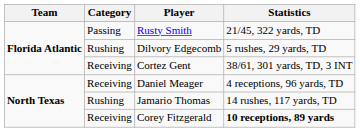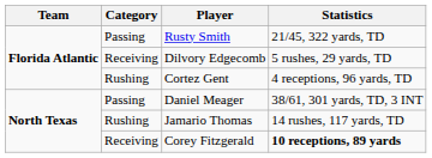 <table class="wikitable" style="float: left;">
 <tr>
 <th>Team</th>
 <th>Category</th>
 <th>Player</th>
 <th>Statistics</th>
 </tr>
 <tr>
 <td rowspan=3><strong>Florida Atlantic</strong></td>
 <td>Passing</td>
 <td><a href='#'>Rusty Smith</a></td>
 <td>21/45, 322 yards, TD</td>
 </tr>
 <tr>
-<td>Rushing</td>
+<td>Receiving</td>
 <td>Dilvory Edgecomb</td>
 <td>5 rushes, 29 yards, TD</td>
 </tr>
 <tr>
-<td>Receiving</td>
+<td>Rushing</td>
 <td>Cortez Gent</td>
-<td>38/61, 301 yards, TD, 3 INT</td>
+<td>4 receptions, 96 yards, TD</td>
 </tr>
 <tr>
 <td rowspan=3><strong>North Texas</strong></td>
-<td>Receiving</td>
+<td>Passing</td>
 <td>Daniel Meager</td>
-<td>4 receptions, 96 yards, TD</td>
+<td>38/61, 301 yards, TD, 3 INT</td>
 </tr>
 <tr>
 <td>Rushing</td>
 <td>Jamario Thomas</td>
 <td>14 rushes, 117 yards, TD</td>
 </tr>
 <tr>
 <td>Receiving</td>
 <td>Corey Fitzgerald</td>
 <td><strong>10 receptions, 89 yards</strong></td>
 </tr>
 </table>
